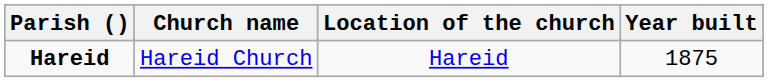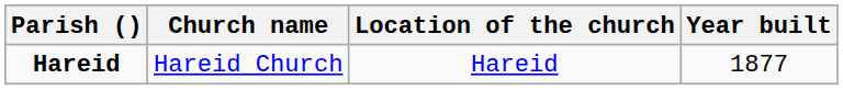 <table class="wikitable" style="text-align:center">
 <tr>
 <th>Parish ()</th>
 <th>Church name</th>
 <th>Location of the church</th>
 <th>Year built</th>
 </tr>
 <tr>
 <td><strong>Hareid</strong></td>
 <td><a href='#'>Hareid Church</a></td>
 <td><a href='#'>Hareid</a></td>
-<td>1875</td>
+<td>1877</td>
 </tr>
 </table>
